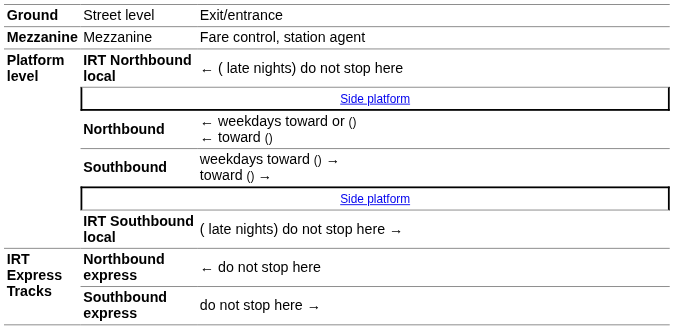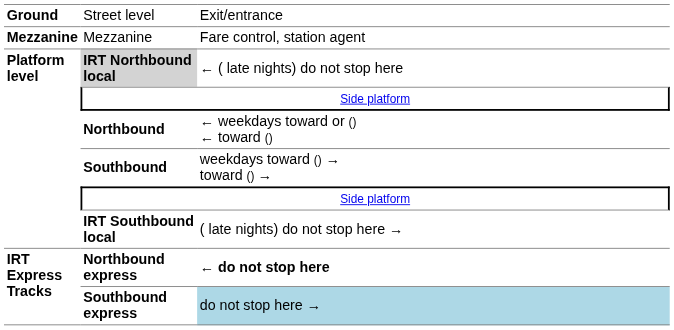 <table table border=0 cellspacing=0 cellpadding=3>
 <tr>
 <td style="border-top:solid 1px gray;" width=75><strong>Ground</strong></td>
 <td style="border-top:solid 1px gray;" width=125>Street level</td>
 <td style="border-top:solid 1px gray;" width=525>Exit/entrance</td>
 </tr>
 <tr>
 <td style="border-top:solid 1px gray;"><strong>Mezzanine</strong></td>
 <td style="border-top:solid 1px gray;">Mezzanine</td>
 <td style="border-top:solid 1px gray;">Fare control, station agent</td>
 </tr>
 <tr>
 <td style="border-top:solid 1px gray;border-bottom:solid 1px gray;" rowspan=6 valign=top><strong>Platform level</strong></td>
-<td style="border-top:solid 1px gray;"><span><strong>IRT Northbound local</strong></span></td>
+<td style="background: lightgrey; border-top:solid 1px gray;"><span><strong>IRT Northbound local</strong></span></td>
 <td style="border-top:solid 1px gray;">←   ( late nights) do not stop here</td>
 </tr>
 <tr>
 <td style="border-top:solid 1px gray;border-right:solid 2px black;border-left:solid 2px black;border-bottom:solid 2px black;text-align:center;" colspan=2><small><a href='#'>Side platform</a></small></td>
 </tr>
 <tr>
 <td style="border-bottom:solid 1px gray;"><span><strong>Northbound </strong></span></td>
 <td style="border-bottom:solid 1px gray;">←  weekdays toward  or  <small>()</small><br>←  toward  <small>()</small></td>
 </tr>
 <tr>
 <td><span><strong>Southbound</strong></span></td>
 <td>  weekdays toward  <small>()</small> →<br>  toward  <small>() </small> →</td>
 </tr>
 <tr>
 <td style="border-bottom:solid 1px gray;border-top:solid 2px black;border-right:solid 2px black;border-left:solid 2px black;text-align:center;" colspan=2><small><a href='#'>Side platform</a></small></td>
 </tr>
 <tr>
 <td style="border-bottom:solid 1px gray;"><span><strong>IRT Southbound local</strong></span></td>
 <td style="border-bottom:solid 1px gray;">  ( late nights) do not stop here →</td>
 </tr>
 <tr>
 <td style="border-bottom:solid 1px gray;" rowspan=2 valign=top><strong>IRT Express Tracks</strong></td>
 <td style="border-bottom:solid 1px gray;"><span><strong>Northbound express</strong></span></td>
-<td style="border-bottom:solid 1px gray;">←  do not stop here</td>
+<td style="border-bottom:solid 1px gray;"><strong>←  do not stop here</strong></td>
 </tr>
 <tr>
 <td style="border-bottom:solid 1px gray;"><span><strong>Southbound express</strong></span></td>
-<td style="border-bottom:solid 1px gray;">  do not stop here →</td>
+<td style="background: lightblue; border-bottom:solid 1px gray;">  do not stop here →</td>
 </tr>
 </table>
